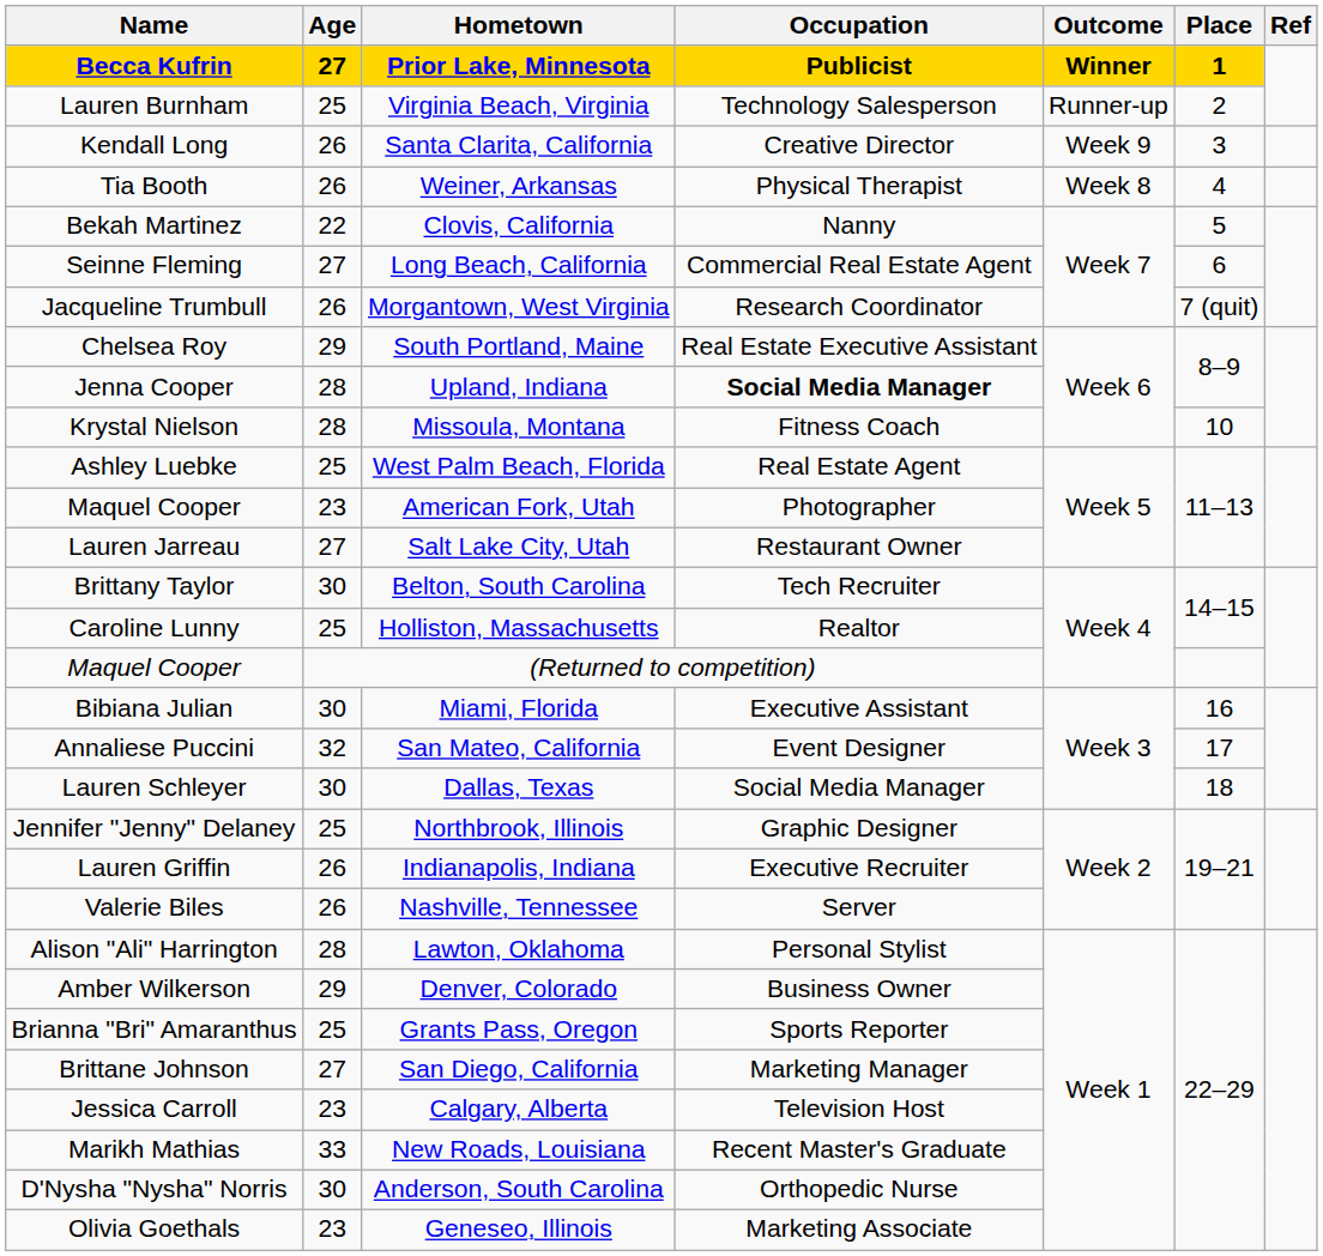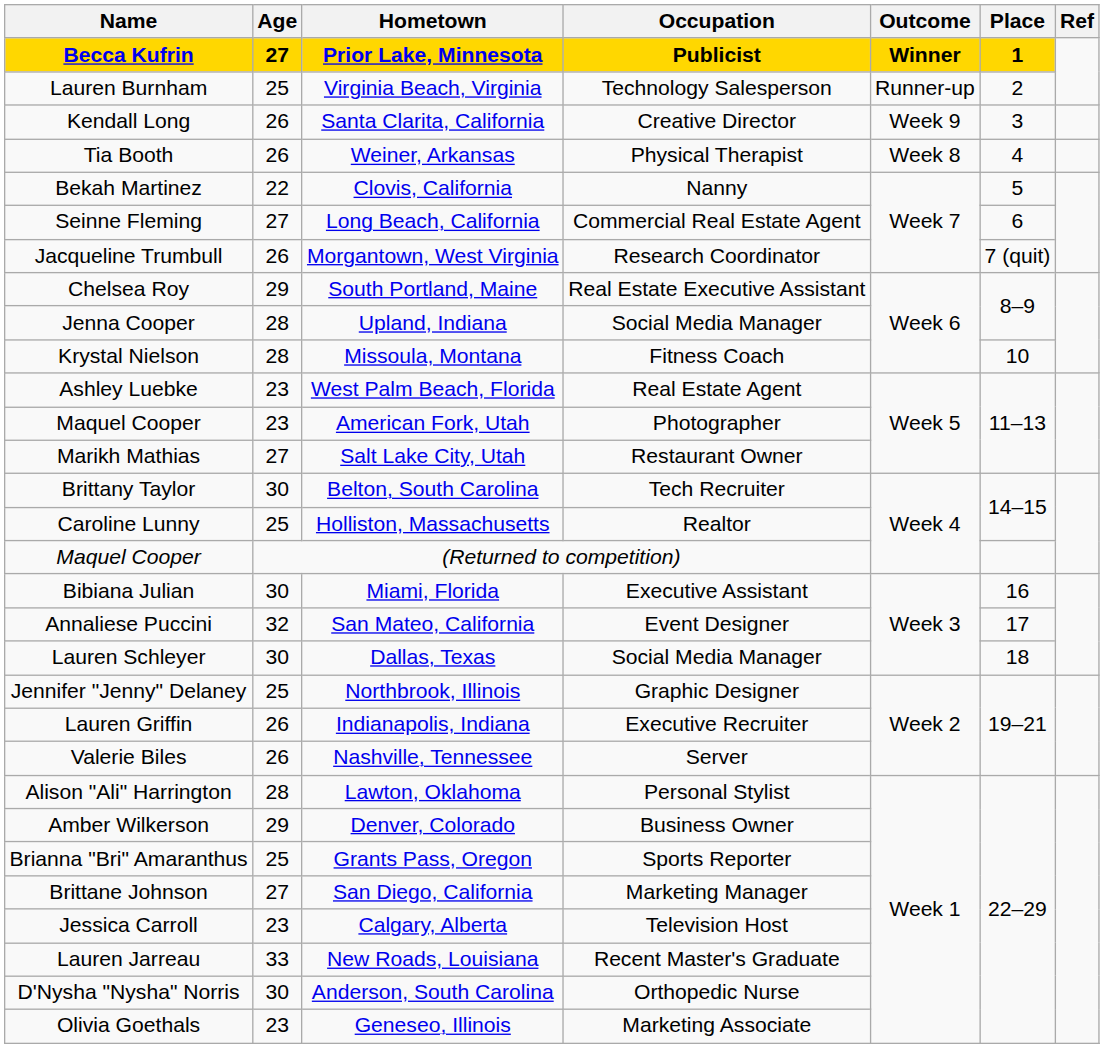 <table class="wikitable sortable" style="text-align:center;">
 <tr>
 <th>Name</th>
 <th>Age</th>
 <th>Hometown</th>
 <th>Occupation</th>
 <th>Outcome</th>
 <th>Place</th>
 <th>Ref</th>
 </tr>
 <tr>
 <td bgcolor="gold"><strong><a href='#'>Becca Kufrin</a></strong></td>
 <td bgcolor="gold"><strong>27</strong></td>
 <td bgcolor="gold"><strong><a href='#'>Prior Lake, Minnesota</a></strong></td>
 <td bgcolor="gold"><strong>Publicist</strong></td>
 <td bgcolor="gold"><strong>Winner</strong></td>
 <td bgcolor="gold"><strong>1</strong></td>
 <td rowspan="2"></td>
 </tr>
 <tr>
 <td>Lauren Burnham</td>
 <td>25</td>
 <td><a href='#'>Virginia Beach, Virginia</a></td>
 <td>Technology Salesperson</td>
 <td data-sort-value="Wh">Runner-up</td>
 <td>2</td>
 </tr>
 <tr>
 <td>Kendall Long</td>
 <td>26</td>
 <td><a href='#'>Santa Clarita, California</a></td>
 <td>Creative Director</td>
 <td>Week 9</td>
 <td>3</td>
 <td></td>
 </tr>
 <tr>
 <td>Tia Booth</td>
 <td>26</td>
 <td><a href='#'>Weiner, Arkansas</a></td>
 <td>Physical Therapist</td>
 <td>Week 8</td>
 <td>4</td>
 <td></td>
 </tr>
 <tr>
 <td>Bekah Martinez</td>
 <td>22</td>
 <td><a href='#'>Clovis, California</a></td>
 <td>Nanny</td>
 <td rowspan="3">Week 7</td>
 <td>5</td>
 <td rowspan="3"></td>
 </tr>
 <tr>
 <td>Seinne Fleming</td>
 <td>27</td>
 <td><a href='#'>Long Beach, California</a></td>
 <td>Commercial Real Estate Agent</td>
 <td>6</td>
 </tr>
 <tr>
 <td>Jacqueline Trumbull</td>
 <td>26</td>
 <td><a href='#'>Morgantown, West Virginia</a></td>
 <td>Research Coordinator</td>
 <td>7 (quit)</td>
 </tr>
 <tr>
 <td>Chelsea Roy</td>
 <td>29</td>
 <td><a href='#'>South Portland, Maine</a></td>
 <td>Real Estate Executive Assistant</td>
 <td rowspan="3">Week 6</td>
 <td rowspan="2">8–9</td>
 <td rowspan="3"></td>
 </tr>
 <tr>
 <td>Jenna Cooper</td>
 <td>28</td>
 <td><a href='#'>Upland, Indiana</a></td>
-<td><strong>Social Media Manager</strong></td>
+<td>Social Media Manager</td>
 </tr>
 <tr>
 <td>Krystal Nielson</td>
 <td>28</td>
 <td><a href='#'>Missoula, Montana</a></td>
 <td>Fitness Coach</td>
 <td>10</td>
 </tr>
 <tr>
 <td>Ashley Luebke</td>
-<td>25</td>
+<td>23</td>
 <td><a href='#'>West Palm Beach, Florida</a></td>
 <td>Real Estate Agent</td>
 <td rowspan="3">Week 5</td>
 <td rowspan="3">11–13</td>
 <td rowspan="3"></td>
 </tr>
 <tr>
 <td>Maquel Cooper</td>
 <td>23</td>
 <td><a href='#'>American Fork, Utah</a></td>
 <td>Photographer</td>
 </tr>
 <tr>
-<td>Lauren Jarreau</td>
+<td>Marikh Mathias</td>
 <td>27</td>
 <td><a href='#'>Salt Lake City, Utah</a></td>
 <td>Restaurant Owner</td>
 </tr>
 <tr>
 <td>Brittany Taylor</td>
 <td>30</td>
 <td><a href='#'>Belton, South Carolina</a></td>
 <td>Tech Recruiter</td>
 <td rowspan=3>Week 4</td>
 <td rowspan=2>14–15</td>
 <td rowspan=3></td>
 </tr>
 <tr>
 <td>Caroline Lunny</td>
 <td>25</td>
 <td><a href='#'>Holliston, Massachusetts</a></td>
 <td>Realtor</td>
 </tr>
 <tr>
 <td><em>Maquel Cooper</em></td>
 <td colspan=3><em>(Returned to competition)</em></td>
 <td></td>
 </tr>
 <tr>
 <td>Bibiana Julian</td>
 <td>30</td>
 <td><a href='#'>Miami, Florida</a></td>
 <td>Executive Assistant</td>
 <td rowspan="3">Week 3</td>
 <td>16</td>
 <td rowspan="3"></td>
 </tr>
 <tr>
 <td>Annaliese Puccini</td>
 <td>32</td>
 <td><a href='#'>San Mateo, California</a></td>
 <td>Event Designer</td>
 <td>17</td>
 </tr>
 <tr>
 <td>Lauren Schleyer</td>
 <td>30</td>
 <td><a href='#'>Dallas, Texas</a></td>
 <td>Social Media Manager</td>
 <td>18</td>
 </tr>
 <tr>
 <td>Jennifer "Jenny" Delaney</td>
 <td>25</td>
 <td><a href='#'>Northbrook, Illinois</a></td>
 <td>Graphic Designer</td>
 <td rowspan="3">Week 2</td>
 <td rowspan="3">19–21</td>
 <td rowspan="3"></td>
 </tr>
 <tr>
 <td>Lauren Griffin</td>
 <td>26</td>
 <td><a href='#'>Indianapolis, Indiana</a></td>
 <td>Executive Recruiter</td>
 </tr>
 <tr>
 <td>Valerie Biles</td>
 <td>26</td>
 <td><a href='#'>Nashville, Tennessee</a></td>
 <td>Server</td>
 </tr>
 <tr>
 <td>Alison "Ali" Harrington</td>
 <td>28</td>
 <td><a href='#'>Lawton, Oklahoma</a></td>
 <td>Personal Stylist</td>
 <td rowspan="8">Week 1</td>
 <td rowspan="8">22–29</td>
 <td rowspan="8"></td>
 </tr>
 <tr>
 <td>Amber Wilkerson</td>
 <td>29</td>
 <td><a href='#'>Denver, Colorado</a></td>
 <td>Business Owner</td>
 </tr>
 <tr>
 <td>Brianna "Bri" Amaranthus</td>
 <td>25</td>
 <td><a href='#'>Grants Pass, Oregon</a></td>
 <td>Sports Reporter</td>
 </tr>
 <tr>
 <td>Brittane Johnson</td>
 <td>27</td>
 <td><a href='#'>San Diego, California</a></td>
 <td>Marketing Manager</td>
 </tr>
 <tr>
 <td>Jessica Carroll</td>
 <td>23</td>
 <td><a href='#'>Calgary, Alberta</a></td>
 <td>Television Host</td>
 </tr>
 <tr>
-<td>Marikh Mathias</td>
+<td>Lauren Jarreau</td>
 <td>33</td>
 <td><a href='#'>New Roads, Louisiana</a></td>
 <td>Recent Master's Graduate</td>
 </tr>
 <tr>
 <td>D'Nysha "Nysha" Norris</td>
 <td>30</td>
 <td><a href='#'>Anderson, South Carolina</a></td>
 <td>Orthopedic Nurse</td>
 </tr>
 <tr>
 <td>Olivia Goethals</td>
 <td>23</td>
 <td><a href='#'>Geneseo, Illinois</a></td>
 <td>Marketing Associate</td>
 </tr>
 <tr>
 </tr>
 </table>
